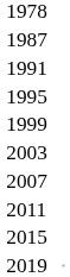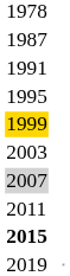 <table>
 <tr>
 <td>1978</td>
 <td></td>
 <td></td>
 <td><br></td>
 </tr>
 <tr>
 <td>1987</td>
 <td></td>
 <td></td>
 <td><br></td>
 </tr>
 <tr>
 <td>1991</td>
 <td></td>
 <td></td>
 <td><br></td>
 </tr>
 <tr>
 <td>1995</td>
 <td></td>
 <td></td>
 <td><br></td>
 </tr>
 <tr>
-<td>1999</td>
+<td style="background: gold;">1999</td>
 <td></td>
 <td></td>
 <td><br></td>
 </tr>
 <tr>
 <td>2003</td>
 <td></td>
 <td></td>
 <td><br></td>
 </tr>
 <tr>
-<td>2007</td>
+<td style="background: lightgrey;">2007</td>
 <td></td>
 <td></td>
 <td> <br> </td>
 </tr>
 <tr>
 <td>2011</td>
 <td></td>
 <td></td>
 <td><br></td>
 </tr>
 <tr>
-<td>2015</td>
+<td><strong>2015</strong></td>
 <td></td>
 <td></td>
 <td> <br> </td>
 </tr>
 <tr>
 <td>2019</td>
 <td></td>
 <td></td>
 <td><hr></td>
 </tr>
 </table>
